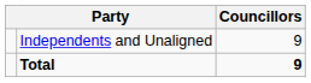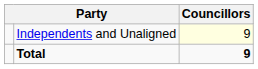 <table class="wikitable">
 <tr>
 <th colspan="2">Party</th>
 <th>Councillors</th>
 </tr>
 <tr>
 <td> </td>
 <td><a href='#'>Independents</a> and Unaligned</td>
-<td align="right">9</td>
+<td align="right" style="background: lightyellow;">9</td>
 </tr>
 <tr>
 <td></td>
 <td><strong>Total</strong></td>
 <td align=right><strong>9</strong></td>
 </tr>
 </table>
